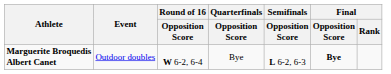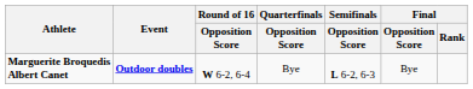 <table class=wikitable style="font-size:90%">
 <tr>
 <th rowspan="2">Athlete</th>
 <th rowspan="2">Event</th>
 <th>Round of 16</th>
 <th>Quarterfinals</th>
 <th>Semifinals</th>
 <th colspan="2">Final</th>
 </tr>
 <tr>
 <th>Opposition<br>Score</th>
 <th>Opposition<br>Score</th>
 <th>Opposition<br>Score</th>
 <th>Opposition<br>Score</th>
 <th>Rank</th>
 </tr>
 <tr>
 <td><strong>Marguerite Broquedis <br> Albert Canet</strong></td>
-<td><a href='#'>Outdoor doubles</a></td>
+<td><strong><a href='#'>Outdoor doubles</a></strong></td>
 <td align=center> <br> <strong>W</strong> 6-2, 6-4</td>
 <td align=center>Bye</td>
 <td align=center> <br> <strong>L</strong> 6-2, 6-3</td>
-<td align=center><strong>Bye</strong></td>
+<td align=center>Bye</td>
 <td align=center></td>
 </tr>
 </table>
